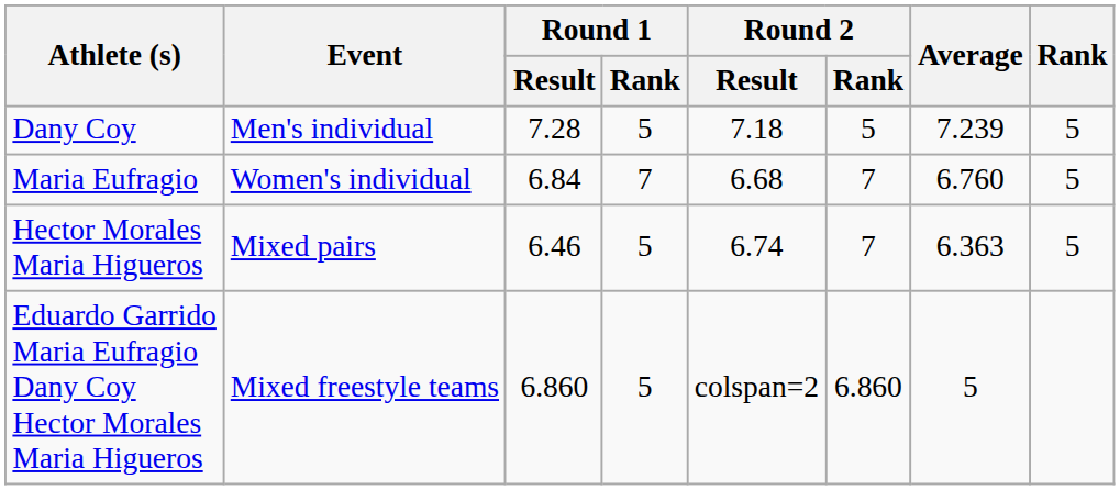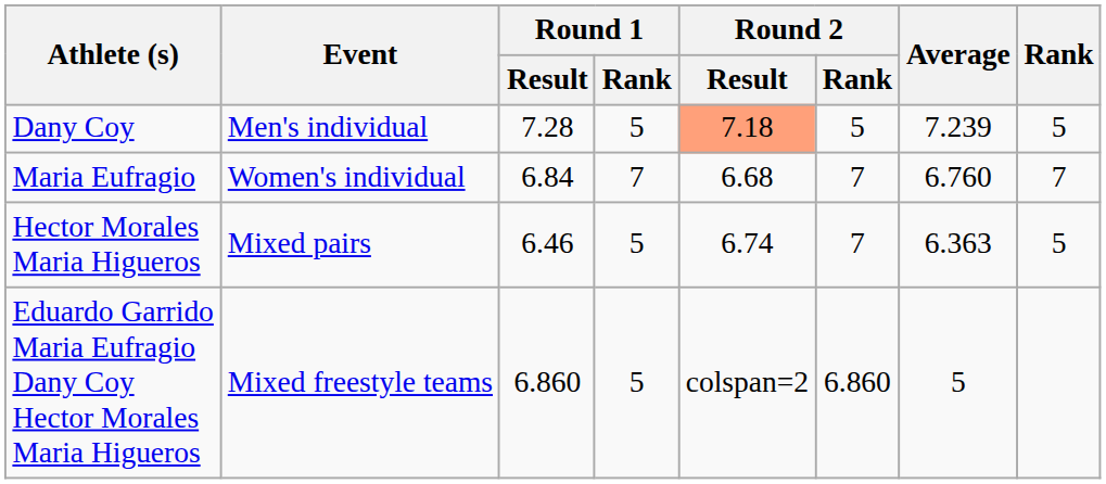 <table class="wikitable" border="1" style="font-size:90%">
 <tr>
 <th rowspan=2>Athlete (s)</th>
 <th rowspan=2>Event</th>
 <th colspan=2>Round 1</th>
 <th colspan=2>Round 2</th>
 <th rowspan=2>Average</th>
 <th rowspan=2>Rank</th>
 </tr>
 <tr>
 <th>Result</th>
 <th>Rank</th>
 <th>Result</th>
 <th>Rank</th>
 </tr>
 <tr align=center>
 <td align=left><a href='#'>Dany Coy</a></td>
 <td align=left><a href='#'>Men's individual</a></td>
 <td>7.28</td>
 <td>5</td>
-<td>7.18</td>
+<td style="background: lightsalmon;">7.18</td>
 <td>5</td>
 <td>7.239</td>
 <td>5</td>
 </tr>
 <tr align=center>
 <td align=left><a href='#'>Maria Eufragio</a></td>
 <td align=left><a href='#'>Women's individual</a></td>
 <td>6.84</td>
 <td>7</td>
 <td>6.68</td>
 <td>7</td>
 <td>6.760</td>
-<td>5</td>
+<td>7</td>
 </tr>
 <tr align=center>
 <td align=left><a href='#'>Hector Morales</a><br><a href='#'>Maria Higueros</a></td>
 <td align=left><a href='#'>Mixed pairs</a></td>
 <td>6.46</td>
 <td>5</td>
 <td>6.74</td>
 <td>7</td>
 <td>6.363</td>
 <td>5</td>
 </tr>
 <tr align=center>
 <td align=left><a href='#'>Eduardo Garrido</a><br><a href='#'>Maria Eufragio</a><br><a href='#'>Dany Coy</a><br><a href='#'>Hector Morales</a><br><a href='#'>Maria Higueros</a></td>
 <td align=left><a href='#'>Mixed freestyle teams</a></td>
 <td>6.860</td>
 <td>5</td>
 <td>colspan=2 </td>
 <td>6.860</td>
 <td>5</td>
 </tr>
 </table>
